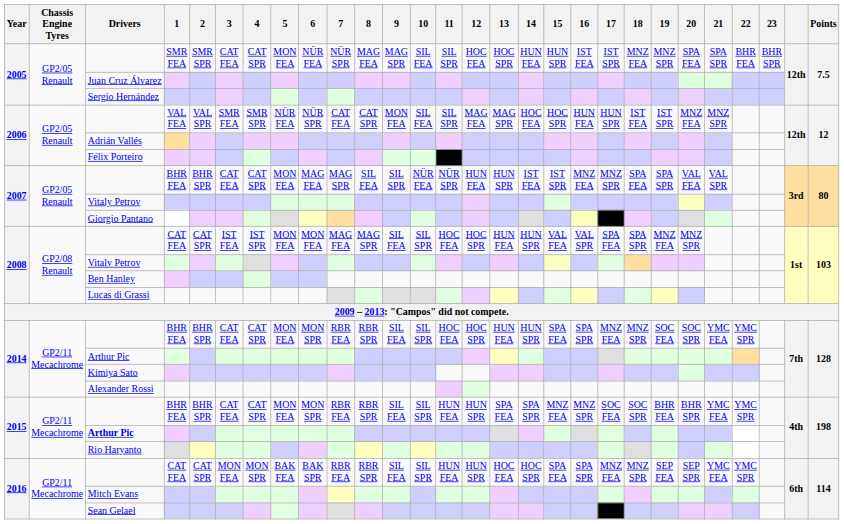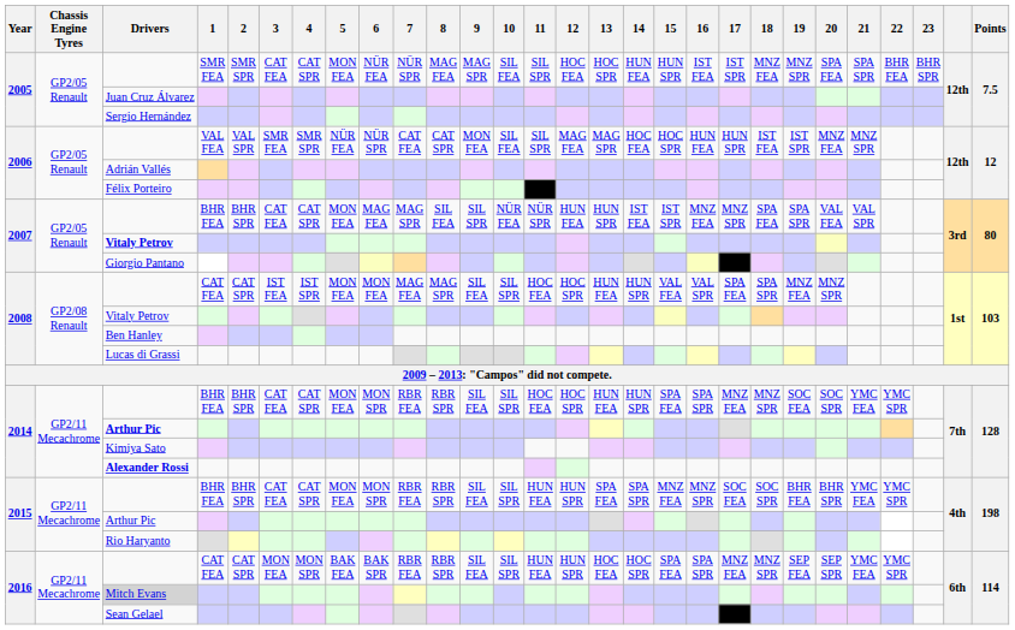 <table class="wikitable" style="text-align:center; font-size:85%;">
 <tr>
 <th>Year</th>
 <th>Chassis<br>Engine<br>Tyres</th>
 <th>Drivers</th>
 <th>1</th>
 <th>2</th>
 <th>3</th>
 <th>4</th>
 <th>5</th>
 <th>6</th>
 <th>7</th>
 <th>8</th>
 <th>9</th>
 <th>10</th>
 <th>11</th>
 <th>12</th>
 <th>13</th>
 <th>14</th>
 <th>15</th>
 <th>16</th>
 <th>17</th>
 <th>18</th>
 <th>19</th>
 <th>20</th>
 <th>21</th>
 <th>22</th>
 <th>23</th>
 <th></th>
 <th>Points</th>
 </tr>
 <tr>
 <th rowspan=3><a href='#'>2005</a></th>
 <td rowspan=3><a href='#'>GP2/05</a><br><a href='#'>Renault</a><br></td>
 <td></td>
 <td><a href='#'>SMR<br>FEA</a></td>
 <td><a href='#'>SMR<br>SPR</a></td>
 <td><a href='#'>CAT<br>FEA</a></td>
 <td><a href='#'>CAT<br>SPR</a></td>
 <td><a href='#'>MON<br>FEA</a></td>
 <td><a href='#'>NÜR<br>FEA</a></td>
 <td><a href='#'>NÜR<br>SPR</a></td>
 <td><a href='#'>MAG<br>FEA</a></td>
 <td><a href='#'>MAG<br>SPR</a></td>
 <td><a href='#'>SIL<br>FEA</a></td>
 <td><a href='#'>SIL<br>SPR</a></td>
 <td><a href='#'>HOC<br>FEA</a></td>
 <td><a href='#'>HOC<br>SPR</a></td>
 <td><a href='#'>HUN<br>FEA</a></td>
 <td><a href='#'>HUN<br>SPR</a></td>
 <td><a href='#'>IST<br>FEA</a></td>
 <td><a href='#'>IST<br>SPR</a></td>
 <td><a href='#'>MNZ<br>FEA</a></td>
 <td><a href='#'>MNZ<br>SPR</a></td>
 <td><a href='#'>SPA<br>FEA</a></td>
 <td><a href='#'>SPA<br>SPR</a></td>
 <td><a href='#'>BHR<br>FEA</a></td>
 <td><a href='#'>BHR<br>SPR</a></td>
 <th rowspan=3>12th</th>
 <th rowspan=3>7.5</th>
 </tr>
 <tr>
 <td align=left> <a href='#'>Juan Cruz Álvarez</a></td>
 <td style="background:#EFCFFF;"></td>
 <td style="background:#CFCFFF;"></td>
 <td style="background:#EFCFFF;"></td>
 <td style="background:#CFCFFF;"></td>
 <td style="background:#EFCFFF;"></td>
 <td style="background:#CFCFFF;"></td>
 <td style="background:#CFCFFF;"></td>
 <td style="background:#EFCFFF;"></td>
 <td style="background:#EFCFFF;"></td>
 <td style="background:#CFCFFF;"></td>
 <td style="background:#EFCFFF;"></td>
 <td style="background:#CFCFFF;"></td>
 <td style="background:#CFCFFF;"></td>
 <td style="background:#EFCFFF;"></td>
 <td style="background:#CFCFFF;"></td>
 <td style="background:#CFCFFF;"></td>
 <td style="background:#EFCFFF;"></td>
 <td style="background:#CFCFFF;"></td>
 <td style="background:#CFCFFF;"></td>
 <td style="background:#DFFFDF;"></td>
 <td style="background:#DFFFDF;"></td>
 <td style="background:#CFCFFF;"></td>
 <td style="background:#CFCFFF;"></td>
 </tr>
 <tr>
 <td align=left> <a href='#'>Sergio Hernández</a></td>
 <td style="background:#CFCFFF;"></td>
 <td style="background:#CFCFFF;"></td>
 <td style="background:#EFCFFF;"></td>
 <td style="background:#CFCFFF;"></td>
 <td style="background:#DFFFDF;"></td>
 <td style="background:#CFCFFF;"></td>
 <td style="background:#DFFFDF;"></td>
 <td style="background:#CFCFFF;"></td>
 <td style="background:#CFCFFF;"></td>
 <td style="background:#CFCFFF;"></td>
 <td style="background:#CFCFFF;"></td>
 <td style="background:#EFCFFF;"></td>
 <td style="background:#CFCFFF;"></td>
 <td style="background:#EFCFFF;"></td>
 <td style="background:#CFCFFF;"></td>
 <td style="background:#EFCFFF;"></td>
 <td style="background:#CFCFFF;"></td>
 <td style="background:#EFCFFF;"></td>
 <td style="background:#CFCFFF;"></td>
 <td style="background:#EFCFFF;"></td>
 <td style="background:#CFCFFF;"></td>
 <td style="background:#CFCFFF;"></td>
 <td style="background:#CFCFFF;"></td>
 </tr>
 <tr>
 <th rowspan=3><a href='#'>2006</a></th>
 <td rowspan=3><a href='#'>GP2/05</a><br><a href='#'>Renault</a><br></td>
 <td></td>
 <td><a href='#'>VAL<br>FEA</a></td>
 <td><a href='#'>VAL<br>SPR</a></td>
 <td><a href='#'>SMR<br>FEA</a></td>
 <td><a href='#'>SMR<br>SPR</a></td>
 <td><a href='#'>NÜR<br>FEA</a></td>
 <td><a href='#'>NÜR<br>SPR</a></td>
 <td><a href='#'>CAT<br>FEA</a></td>
 <td><a href='#'>CAT<br>SPR</a></td>
 <td><a href='#'>MON<br>FEA</a></td>
 <td><a href='#'>SIL<br>FEA</a></td>
 <td><a href='#'>SIL<br>SPR</a></td>
 <td><a href='#'>MAG<br>FEA</a></td>
 <td><a href='#'>MAG<br>SPR</a></td>
 <td><a href='#'>HOC<br>FEA</a></td>
 <td><a href='#'>HOC<br>SPR</a></td>
 <td><a href='#'>HUN<br>FEA</a></td>
 <td><a href='#'>HUN<br>SPR</a></td>
 <td><a href='#'>IST<br>FEA</a></td>
 <td><a href='#'>IST<br>SPR</a></td>
 <td><a href='#'>MNZ<br>FEA</a></td>
 <td><a href='#'>MNZ<br>SPR</a></td>
 <td></td>
 <td></td>
 <th rowspan=3>12th</th>
 <th rowspan=3>12</th>
 </tr>
 <tr>
 <td align=left> <a href='#'>Adrián Vallés</a></td>
 <td style="background:#FFDF9F;"></td>
 <td style="background:#EFCFFF;"></td>
 <td style="background:#CFCFFF;"></td>
 <td style="background:#EFCFFF;"></td>
 <td style="background:#EFCFFF;"></td>
 <td style="background:#CFCFFF;"></td>
 <td style="background:#CFCFFF;"></td>
 <td style="background:#CFCFFF;"></td>
 <td style="background:#EFCFFF;"></td>
 <td style="background:#CFCFFF;"></td>
 <td style="background:#EFCFFF;"></td>
 <td style="background:#CFCFFF;"></td>
 <td style="background:#CFCFFF;"></td>
 <td style="background:#CFCFFF;"></td>
 <td style="background:#EFCFFF;"></td>
 <td style="background:#EFCFFF;"></td>
 <td style="background:#CFCFFF;"></td>
 <td style="background:#EFCFFF;"></td>
 <td style="background:#CFCFFF;"></td>
 <td style="background:#EFCFFF;"></td>
 <td style="background:#CFCFFF;"></td>
 <td></td>
 <td></td>
 </tr>
 <tr>
 <td align=left> <a href='#'>Félix Porteiro</a></td>
 <td style="background:#EFCFFF;"></td>
 <td style="background:#EFCFFF;"></td>
 <td style="background:#CFCFFF;"></td>
 <td style="background:#DFFFDF;"></td>
 <td style="background:#CFCFFF;"></td>
 <td style="background:#EFCFFF;"></td>
 <td style="background:#CFCFFF;"></td>
 <td style="background:#EFCFFF;"></td>
 <td style="background:#DFFFDF;"></td>
 <td style="background:#DFFFDF;"></td>
 <td style="background:#000000; color:white"></td>
 <td style="background:#CFCFFF;"></td>
 <td style="background:#CFCFFF;"></td>
 <td style="background:#CFCFFF;"></td>
 <td style="background:#CFCFFF;"></td>
 <td style="background:#EFCFFF;"></td>
 <td style="background:#CFCFFF;"></td>
 <td style="background:#CFCFFF;"></td>
 <td style="background:#EFCFFF;"></td>
 <td style="background:#EFCFFF;"></td>
 <td style="background:#CFCFFF;"></td>
 <td></td>
 <td></td>
 </tr>
 <tr>
 <th rowspan=3><a href='#'>2007</a></th>
 <td rowspan=3><a href='#'>GP2/05</a><br><a href='#'>Renault</a><br></td>
 <td></td>
 <td><a href='#'>BHR<br>FEA</a></td>
 <td><a href='#'>BHR<br>SPR</a></td>
 <td><a href='#'>CAT<br>FEA</a></td>
 <td><a href='#'>CAT<br>SPR</a></td>
 <td><a href='#'>MON<br>FEA</a></td>
 <td><a href='#'>MAG<br>FEA</a></td>
 <td><a href='#'>MAG<br>SPR</a></td>
 <td><a href='#'>SIL<br>FEA</a></td>
 <td><a href='#'>SIL<br>SPR</a></td>
 <td><a href='#'>NÜR<br>FEA</a></td>
 <td><a href='#'>NÜR<br>SPR</a></td>
 <td><a href='#'>HUN<br>FEA</a></td>
 <td><a href='#'>HUN<br>SPR</a></td>
 <td><a href='#'>IST<br>FEA</a></td>
 <td><a href='#'>IST<br>SPR</a></td>
 <td><a href='#'>MNZ<br>FEA</a></td>
 <td><a href='#'>MNZ<br>SPR</a></td>
 <td><a href='#'>SPA<br>FEA</a></td>
 <td><a href='#'>SPA<br>SPR</a></td>
 <td><a href='#'>VAL<br>FEA</a></td>
 <td><a href='#'>VAL<br>SPR</a></td>
 <td></td>
 <td></td>
 <th rowspan=3 style="background:#ffdf9f;">3rd</th>
 <th rowspan=3 style="background:#ffdf9f;">80</th>
 </tr>
 <tr>
-<td align=left> <a href='#'>Vitaly Petrov</a></td>
+<td align=left><strong> <a href='#'>Vitaly Petrov</a></strong></td>
 <td style="background:#CFCFFF;"></td>
 <td style="background:#CFCFFF;"></td>
 <td style="background:#CFCFFF;"></td>
 <td style="background:#CFCFFF;"></td>
 <td style="background:#DFFFDF;"></td>
 <td style="background:#DFFFDF;"></td>
 <td style="background:#DFFFDF;"></td>
 <td style="background:#CFCFFF;"></td>
 <td style="background:#CFCFFF;"></td>
 <td style="background:#CFCFFF;"></td>
 <td style="background:#CFCFFF;"></td>
 <td style="background:#EFCFFF;"></td>
 <td style="background:#CFCFFF;"></td>
 <td style="background:#CFCFFF;"></td>
 <td style="background:#DFFFDF;"></td>
 <td style="background:#CFCFFF;"></td>
 <td style="background:#CFCFFF;"></td>
 <td style="background:#CFCFFF;"></td>
 <td style="background:#CFCFFF;"></td>
 <td style="background:#FBFFBF;"></td>
 <td style="background:#CFCFFF;"></td>
 <td></td>
 <td></td>
 </tr>
 <tr>
 <td align=left> <a href='#'>Giorgio Pantano</a></td>
 <td style="background:#FFFFFF;"></td>
 <td style="background:#EFCFFF;"></td>
 <td style="background:#EFCFFF;"></td>
 <td style="background:#DFFFDF;"></td>
 <td style="background:#DFDFDF;"></td>
 <td style="background:#FBFFBF;"></td>
 <td style="background:#FFDF9F;"></td>
 <td style="background:#EFCFFF;"></td>
 <td style="background:#CFCFFF;"></td>
 <td style="background:#DFFFDF;"></td>
 <td style="background:#CFCFFF;"></td>
 <td style="background:#EFCFFF;"></td>
 <td style="background:#CFCFFF;"></td>
 <td style="background:#DFDFDF;"></td>
 <td style="background:#CFCFFF;"></td>
 <td style="background:#FBFFBF;"></td>
 <td style="background:#000000; color:white"></td>
 <td style="background:#EFCFFF;"></td>
 <td style="background:#CFCFFF;"></td>
 <td style="background:#DFDFDF;"></td>
 <td style="background:#DFFFDF;"></td>
 <td></td>
 <td></td>
 </tr>
 <tr>
 <th rowspan=4><a href='#'>2008</a></th>
 <td rowspan=4><a href='#'>GP2/08</a><br><a href='#'>Renault</a><br></td>
 <td></td>
 <td><a href='#'>CAT<br>FEA</a></td>
 <td><a href='#'>CAT<br>SPR</a></td>
 <td><a href='#'>IST<br>FEA</a></td>
 <td><a href='#'>IST<br>SPR</a></td>
 <td><a href='#'>MON<br>FEA</a></td>
 <td><a href='#'>MON<br>FEA</a></td>
 <td><a href='#'>MAG<br>FEA</a></td>
 <td><a href='#'>MAG<br>SPR</a></td>
 <td><a href='#'>SIL<br>FEA</a></td>
 <td><a href='#'>SIL<br>SPR</a></td>
 <td><a href='#'>HOC<br>FEA</a></td>
 <td><a href='#'>HOC<br>SPR</a></td>
 <td><a href='#'>HUN<br>FEA</a></td>
 <td><a href='#'>HUN<br>SPR</a></td>
 <td><a href='#'>VAL<br>FEA</a></td>
 <td><a href='#'>VAL<br>SPR</a></td>
 <td><a href='#'>SPA<br>FEA</a></td>
 <td><a href='#'>SPA<br>SPR</a></td>
 <td><a href='#'>MNZ<br>FEA</a></td>
 <td><a href='#'>MNZ<br>SPR</a></td>
 <td></td>
 <td></td>
 <td></td>
 <th rowspan=4 style="background:#ffffbf;">1st</th>
 <th rowspan=4 style="background:#ffffbf;">103</th>
 </tr>
 <tr>
 <td align=left> <a href='#'>Vitaly Petrov</a></td>
 <td style="background:#DFFFDF;"></td>
 <td style="background:#EFCFFF;"></td>
 <td style="background:#DFFFDF;"></td>
 <td style="background:#DFDFDF;"></td>
 <td style="background:#EFCFFF;"></td>
 <td style="background:#CFCFFF;"></td>
 <td style="background:#DFFFDF;"></td>
 <td style="background:#CFCFFF;"></td>
 <td style="background:#CFCFFF;"></td>
 <td style="background:#DFFFDF;"></td>
 <td style="background:#EFCFFF;"></td>
 <td style="background:#CFCFFF;"></td>
 <td style="background:#EFCFFF;"></td>
 <td style="background:#CFCFFF;"></td>
 <td style="background:#FBFFBF;"></td>
 <td style="background:#CFCFFF;"></td>
 <td style="background:#DFFFDF;"></td>
 <td style="background:#FFDF9F;"></td>
 <td style="background:#EFCFFF;"></td>
 <td style="background:#EFCFFF;"></td>
 <td></td>
 <td></td>
 <td></td>
 </tr>
 <tr>
 <td align=left> <a href='#'>Ben Hanley</a></td>
 <td style="background:#EFCFFF;"></td>
 <td style="background:#CFCFFF;"></td>
 <td style="background:#CFCFFF;"></td>
 <td style="background:#DFFFDF;"></td>
 <td style="background:#CFCFFF;"></td>
 <td style="background:#CFCFFF;"></td>
 <td></td>
 <td></td>
 <td></td>
 <td></td>
 <td></td>
 <td></td>
 <td></td>
 <td></td>
 <td></td>
 <td></td>
 <td></td>
 <td></td>
 <td></td>
 <td></td>
 <td></td>
 <td></td>
 <td></td>
 </tr>
 <tr>
 <td align=left> <a href='#'>Lucas di Grassi</a></td>
 <td></td>
 <td></td>
 <td></td>
 <td></td>
 <td></td>
 <td></td>
 <td style="background:#DFDFDF;"></td>
 <td style="background:#DFFFDF;"></td>
 <td style="background:#DFDFDF;"></td>
 <td style="background:#DFDFDF;"></td>
 <td style="background:#DFFFDF;"></td>
 <td style="background:#EFCFFF;"></td>
 <td style="background:#FFFFBF;"></td>
 <td style="background:#CFCFFF;"></td>
 <td style="background:#DFFFDF;"></td>
 <td style="background:#FFFFBF;"></td>
 <td style="background:#CFCFFF;"></td>
 <td style="background:#DFFFDF;"></td>
 <td style="background:#FFFFBF;"></td>
 <td style="background:#CFCFFF;"></td>
 <td></td>
 <td></td>
 <td></td>
 </tr>
 <tr>
 <th colspan=28><a href='#'>2009</a> – <a href='#'>2013</a>: "Campos" did not compete.</th>
 </tr>
 <tr>
 <th rowspan=4><a href='#'>2014</a></th>
 <td rowspan=4><a href='#'>GP2/11</a><br><a href='#'>Mecachrome</a><br></td>
 <td></td>
 <td><a href='#'>BHR<br>FEA</a></td>
 <td><a href='#'>BHR<br>SPR</a></td>
 <td><a href='#'>CAT<br>FEA</a></td>
 <td><a href='#'>CAT<br>SPR</a></td>
 <td><a href='#'>MON<br>FEA</a></td>
 <td><a href='#'>MON<br>SPR</a></td>
 <td><a href='#'>RBR<br>FEA</a></td>
 <td><a href='#'>RBR<br>SPR</a></td>
 <td><a href='#'>SIL<br>FEA</a></td>
 <td><a href='#'>SIL<br>SPR</a></td>
 <td><a href='#'>HOC<br>FEA</a></td>
 <td><a href='#'>HOC<br>SPR</a></td>
 <td><a href='#'>HUN<br>FEA</a></td>
 <td><a href='#'>HUN<br>SPR</a></td>
 <td><a href='#'>SPA<br>FEA</a></td>
 <td><a href='#'>SPA<br>SPR</a></td>
 <td><a href='#'>MNZ<br>FEA</a></td>
 <td><a href='#'>MNZ<br>SPR</a></td>
 <td><a href='#'>SOC<br>FEA</a></td>
 <td><a href='#'>SOC<br>SPR</a></td>
 <td><a href='#'>YMC<br>FEA</a></td>
 <td><a href='#'>YMC<br>SPR</a></td>
 <td></td>
 <th rowspan=4>7th</th>
 <th rowspan=4>128</th>
 </tr>
 <tr>
-<td align=left> <a href='#'>Arthur Pic</a></td>
+<td align=left><strong> <a href='#'>Arthur Pic</a></strong></td>
 <td style="background:#DFFFDF;"></td>
 <td style="background:#CFCFFF;"></td>
 <td style="background:#DFFFDF;"></td>
 <td style="background:#DFFFDF;"></td>
 <td style="background:#DFFFDF;"></td>
 <td style="background:#DFFFDF;"></td>
 <td style="background:#DFFFDF;"></td>
 <td style="background:#CFCFFF;"></td>
 <td style="background:#CFCFFF;"></td>
 <td style="background:#CFCFFF;"></td>
 <td style="background:#CFCFFF;"></td>
 <td style="background:#EFCFFF;"></td>
 <td style="background:#FFFFBF;"></td>
 <td style="background:#DFFFDF;"></td>
 <td style="background:#CFCFFF;"></td>
 <td style="background:#CFCFFF;"></td>
 <td style="background:#DFDFDF;"></td>
 <td style="background:#DFFFDF;"></td>
 <td style="background:#DFFFDF;"></td>
 <td style="background:#DFFFDF;"></td>
 <td style="background:#DFFFDF;"></td>
 <td style="background:#FFDF9F;"></td>
 <td></td>
 </tr>
 <tr>
 <td align=left> <a href='#'>Kimiya Sato</a></td>
 <td style="background:#EFCFFF;"></td>
 <td style="background:#CFCFFF;"></td>
 <td style="background:#CFCFFF;"></td>
 <td style="background:#CFCFFF;"></td>
 <td style="background:#CFCFFF;"></td>
 <td style="background:#CFCFFF;"></td>
 <td style="background:#EFCFFF;"></td>
 <td style="background:#CFCFFF;"></td>
 <td style="background:#CFCFFF;"></td>
 <td style="background:#CFCFFF;"></td>
 <td></td>
 <td></td>
 <td style="background:#EFCFFF;"></td>
 <td style="background:#EFCFFF;"></td>
 <td style="background:#CFCFFF;"></td>
 <td style="background:#CFCFFF;"></td>
 <td style="background:#EFCFFF;"></td>
 <td style="background:#CFCFFF;"></td>
 <td style="background:#CFCFFF;"></td>
 <td style="background:#DFFFDF;"></td>
 <td style="background:#CFCFFF;"></td>
 <td style="background:#CFCFFF;"></td>
 <td></td>
 </tr>
 <tr>
-<td align=left> <a href='#'>Alexander Rossi</a></td>
+<td align=left><strong> <a href='#'>Alexander Rossi</a></strong></td>
 <td></td>
 <td></td>
 <td></td>
 <td></td>
 <td></td>
 <td></td>
 <td></td>
 <td></td>
 <td></td>
 <td></td>
 <td style="background:#EFCFFF;"></td>
 <td style="background:#DFFFDF;"></td>
 <td></td>
 <td></td>
 <td></td>
 <td></td>
 <td></td>
 <td></td>
 <td></td>
 <td></td>
 <td></td>
 <td></td>
 <td></td>
 </tr>
 <tr>
 <th rowspan=3><a href='#'>2015</a></th>
 <td rowspan=3><a href='#'>GP2/11</a><br><a href='#'>Mecachrome</a><br></td>
 <td></td>
 <td><a href='#'>BHR<br>FEA</a></td>
 <td><a href='#'>BHR<br>SPR</a></td>
 <td><a href='#'>CAT<br>FEA</a></td>
 <td><a href='#'>CAT<br>SPR</a></td>
 <td><a href='#'>MON<br>FEA</a></td>
 <td><a href='#'>MON<br>SPR</a></td>
 <td><a href='#'>RBR<br>FEA</a></td>
 <td><a href='#'>RBR<br>SPR</a></td>
 <td><a href='#'>SIL<br>FEA</a></td>
 <td><a href='#'>SIL<br>SPR</a></td>
 <td><a href='#'>HUN<br>FEA</a></td>
 <td><a href='#'>HUN<br>SPR</a></td>
 <td><a href='#'>SPA<br>FEA</a></td>
 <td><a href='#'>SPA<br>SPR</a></td>
 <td><a href='#'>MNZ<br>FEA</a></td>
 <td><a href='#'>MNZ<br>SPR</a></td>
 <td><a href='#'>SOC<br>FEA</a></td>
 <td><a href='#'>SOC<br>SPR</a></td>
 <td><a href='#'>BHR<br>FEA</a></td>
 <td><a href='#'>BHR<br>SPR</a></td>
 <td><a href='#'>YMC<br>FEA</a></td>
 <td><a href='#'>YMC<br>SPR</a></td>
 <td></td>
 <th rowspan=3>4th</th>
 <th rowspan=3>198</th>
 </tr>
 <tr>
-<td align=left><strong> <a href='#'>Arthur Pic</a></strong></td>
+<td align=left> <a href='#'>Arthur Pic</a></td>
 <td style="background:#EFCFFF;"></td>
 <td style="background:#CFCFFF;"></td>
 <td style="background:#DFFFDF;"></td>
 <td style="background:#DFFFDF;"></td>
 <td style="background:#DFFFDF;"></td>
 <td style="background:#DFFFDF;"></td>
 <td style="background:#DFFFDF;"></td>
 <td style="background:#CFCFFF;"></td>
 <td style="background:#CFCFFF;"></td>
 <td style="background:#CFCFFF;"></td>
 <td style="background:#CFCFFF;"></td>
 <td style="background:#CFCFFF;"></td>
 <td style="background:#DFDFDF;"></td>
 <td style="background:#EFCFFF;"></td>
 <td style="background:#DFFFDF;"></td>
 <td style="background:#DFDFDF;"></td>
 <td style="background:#DFFFDF;"></td>
 <td style="background:#CFCFFF;"></td>
 <td style="background:#DFFFDF;"></td>
 <td style="background:#CFCFFF;"></td>
 <td style="background:#CFCFFF;"></td>
 <td style="background:#FFFFFF;"></td>
 <td></td>
 </tr>
 <tr>
 <td align=left> <a href='#'>Rio Haryanto</a></td>
 <td style="background:#DFDFDF;"></td>
 <td style="background:#FFFFBF;"></td>
 <td style="background:#DFFFDF;"></td>
 <td style="background:#DFFFDF;"></td>
 <td style="background:#CFCFFF;"></td>
 <td style="background:#EFCFFF;"></td>
 <td style="background:#DFFFDF;"></td>
 <td style="background:#FFFFBF;"></td>
 <td style="background:#DFFFDF;"></td>
 <td style="background:#FFFFBF;"></td>
 <td style="background:#DFFFDF;"></td>
 <td style="background:#DFFFDF;"></td>
 <td style="background:#CFCFFF;"></td>
 <td style="background:#CFCFFF;"></td>
 <td style="background:#CFCFFF;"></td>
 <td style="background:#CFCFFF;"></td>
 <td style="background:#DFFFDF;"></td>
 <td style="background:#DFDFDF;"></td>
 <td style="background:#DFFFDF;"></td>
 <td style="background:#CFCFFF;"></td>
 <td style="background:#DFFFDF;"></td>
 <td style="background:#FFFFFF;"></td>
 <td></td>
 </tr>
 <tr>
 <th rowspan=3><a href='#'>2016</a></th>
 <td rowspan=3><a href='#'>GP2/11</a><br><a href='#'>Mecachrome</a><br></td>
 <td></td>
 <td><a href='#'>CAT<br>FEA</a></td>
 <td><a href='#'>CAT<br>SPR</a></td>
 <td><a href='#'>MON<br>FEA</a></td>
 <td><a href='#'>MON<br>SPR</a></td>
 <td><a href='#'>BAK<br>FEA</a></td>
 <td><a href='#'>BAK<br>SPR</a></td>
 <td><a href='#'>RBR<br>FEA</a></td>
 <td><a href='#'>RBR<br>SPR</a></td>
 <td><a href='#'>SIL<br>FEA</a></td>
 <td><a href='#'>SIL<br>SPR</a></td>
 <td><a href='#'>HUN<br>FEA</a></td>
 <td><a href='#'>HUN<br>SPR</a></td>
 <td><a href='#'>HOC<br>FEA</a></td>
 <td><a href='#'>HOC<br>SPR</a></td>
 <td><a href='#'>SPA<br>FEA</a></td>
 <td><a href='#'>SPA<br>SPR</a></td>
 <td><a href='#'>MNZ<br>FEA</a></td>
 <td><a href='#'>MNZ<br>SPR</a></td>
 <td><a href='#'>SEP<br>FEA</a></td>
 <td><a href='#'>SEP<br>SPR</a></td>
 <td><a href='#'>YMC<br>FEA</a></td>
 <td><a href='#'>YMC<br>SPR</a></td>
 <td></td>
 <th rowspan=3>6th</th>
 <th rowspan=3>114</th>
 </tr>
 <tr>
-<td align=left> <a href='#'>Mitch Evans</a></td>
+<td align=left style="background: lightgrey;"> <a href='#'>Mitch Evans</a></td>
 <td style="background:#CFCFFF;"></td>
 <td style="background:#CFCFFF;"></td>
 <td style="background:#DFFFDF;"></td>
 <td style="background:#DFFFDF;"></td>
 <td style="background:#DFFFDF;"></td>
 <td style="background:#EFCFFF;"></td>
 <td style="background:#FFFFBF;"></td>
 <td style="background:#DFFFDF;"></td>
 <td style="background:#DFFFDF;"></td>
 <td style="background:#CFCFFF;"></td>
 <td style="background:#DFFFDF;"></td>
 <td style="background:#DFFFDF;"></td>
 <td style="background:#EFCFFF;"></td>
 <td style="background:#CFCFFF;"></td>
 <td style="background:#CFCFFF;"></td>
 <td style="background:#CFCFFF;"></td>
 <td style="background:#DFFFDF;"></td>
 <td style="background:#EFCFFF;"></td>
 <td style="background:#DFFFDF;"></td>
 <td style="background:#DFFFDF;"></td>
 <td style="background:#CFCFFF;"></td>
 <td style="background:#DFFFDF;"></td>
 <td></td>
 </tr>
 <tr>
 <td align=left> <a href='#'>Sean Gelael</a></td>
 <td style="background:#CFCFFF;"></td>
 <td style="background:#CFCFFF;"></td>
 <td style="background:#CFCFFF;"></td>
 <td style="background:#EFCFFF;"></td>
 <td style="background:#DFFFDF;"></td>
 <td style="background:#EFCFFF;"></td>
 <td style="background:#DFDFDF;"></td>
 <td style="background:#EFCFFF;"></td>
 <td style="background:#CFCFFF;"></td>
 <td style="background:#CFCFFF;"></td>
 <td style="background:#CFCFFF;"></td>
 <td style="background:#CFCFFF;"></td>
 <td style="background:#EFCFFF;"></td>
 <td style="background:#EFCFFF;"></td>
 <td style="background:#CFCFFF;"></td>
 <td style="background:#CFCFFF;"></td>
 <td style="background:#000000; color:white"></td>
 <td style="background:#CFCFFF;"></td>
 <td style="background:#CFCFFF;"></td>
 <td style="background:#EFCFFF;"></td>
 <td style="background:#EFCFFF;"></td>
 <td style="background:#CFCFFF;"></td>
 <td></td>
 </tr>
 </table>
